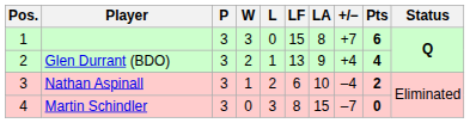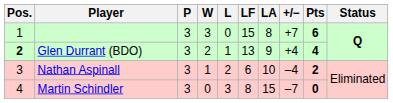 <table class="wikitable" style="text-align:center; margin: 1em auto 1em auto, align:left">
 <tr>
 <th width=20>Pos.</th>
 <th width=185>Player</th>
 <th width=20>P</th>
 <th width=20>W</th>
 <th width=20>L</th>
 <th width=20>LF</th>
 <th width=20>LA</th>
 <th width=25>+/−</th>
 <th width=20>Pts</th>
 <th width=70>Status</th>
 </tr>
 <tr style="background:#CCFFCC;">
 <td>1</td>
 <td align=left></td>
 <td>3</td>
 <td>3</td>
 <td>0</td>
 <td>15</td>
 <td>8</td>
 <td>+7</td>
 <td><strong>6</strong></td>
 <td rowspan=2><strong>Q</strong></td>
 </tr>
 <tr style="background:#CCFFCC;">
-<td>2</td>
+<td><strong>2</strong></td>
 <td align=left> <a href='#'>Glen Durrant</a> (BDO)</td>
 <td>3</td>
 <td>2</td>
 <td>1</td>
 <td>13</td>
 <td>9</td>
 <td>+4</td>
 <td><strong>4</strong></td>
 </tr>
 <tr style="background:#FFCCCC;">
 <td>3</td>
 <td align=left> <a href='#'>Nathan Aspinall</a></td>
 <td>3</td>
 <td>1</td>
 <td>2</td>
 <td>6</td>
 <td>10</td>
 <td>–4</td>
 <td><strong>2</strong></td>
 <td rowspan=2>Eliminated</td>
 </tr>
 <tr style="background:#FFCCCC;">
 <td>4</td>
 <td align=left> <a href='#'>Martin Schindler</a></td>
 <td>3</td>
 <td>0</td>
 <td>3</td>
 <td>8</td>
 <td>15</td>
 <td>–7</td>
 <td><strong>0</strong></td>
 </tr>
 </table>
